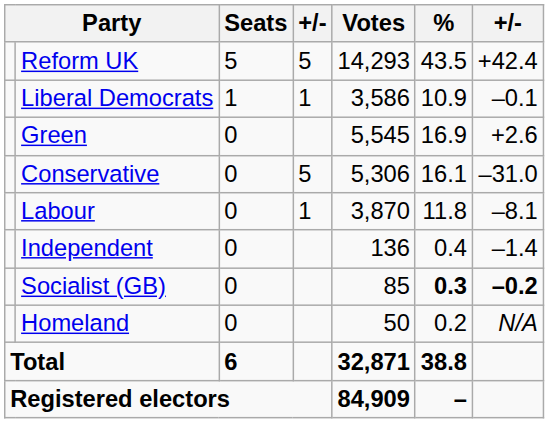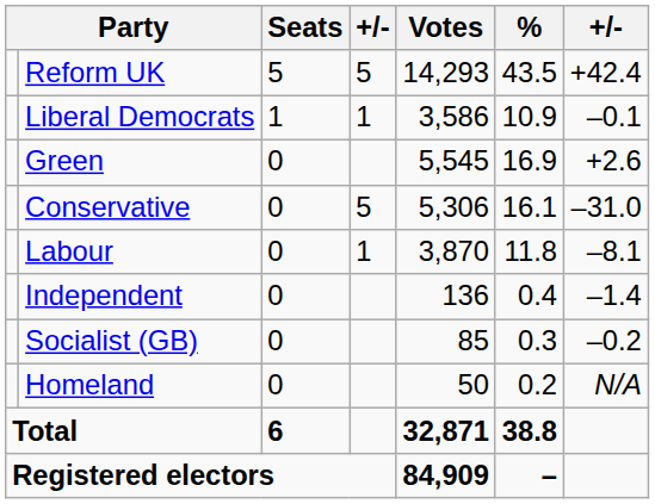 <table class="wikitable sortable">
 <tr>
 <th colspan="2">Party</th>
 <th>Seats</th>
 <th>+/-</th>
 <th>Votes</th>
 <th>%</th>
 <th>+/-</th>
 </tr>
 <tr>
 <td style="background-color: "></td>
 <td><a href='#'>Reform UK</a></td>
 <td>5</td>
 <td> 5</td>
 <td style="text-align:right;">14,293</td>
 <td style="text-align:right;">43.5</td>
 <td style="text-align:right;">+42.4</td>
 </tr>
 <tr>
 <td style="background-color: "></td>
 <td><a href='#'>Liberal Democrats</a></td>
 <td>1</td>
 <td> 1</td>
 <td style="text-align:right;">3,586</td>
 <td style="text-align:right;">10.9</td>
 <td style="text-align:right;">–0.1</td>
 </tr>
 <tr>
 <td style="background-color: "></td>
 <td><a href='#'>Green</a></td>
 <td>0</td>
 <td></td>
 <td style="text-align:right;">5,545</td>
 <td style="text-align:right;">16.9</td>
 <td style="text-align:right;">+2.6</td>
 </tr>
 <tr>
 <td style="background-color: "></td>
 <td><a href='#'>Conservative</a></td>
 <td>0</td>
 <td> 5</td>
 <td style="text-align:right;">5,306</td>
 <td style="text-align:right;">16.1</td>
 <td style="text-align:right;">–31.0</td>
 </tr>
 <tr>
 <td style="background-color: "></td>
 <td><a href='#'>Labour</a></td>
 <td>0</td>
 <td> 1</td>
 <td style="text-align:right;">3,870</td>
 <td style="text-align:right;">11.8</td>
 <td style="text-align:right;">–8.1</td>
 </tr>
 <tr>
 <td style="background-color: "></td>
 <td><a href='#'>Independent</a></td>
 <td>0</td>
 <td></td>
 <td style="text-align:right;">136</td>
 <td style="text-align:right;">0.4</td>
 <td style="text-align:right;">–1.4</td>
 </tr>
 <tr>
 <td style="background-color: "></td>
 <td><a href='#'>Socialist (GB)</a></td>
 <td>0</td>
 <td></td>
 <td style="text-align:right;">85</td>
-<td style="text-align:right;"><strong>0.3</strong></td>
-<td style="text-align:right;"><strong>–0.2</strong></td>
+<td style="text-align:right;">0.3</td>
+<td style="text-align:right;">–0.2</td>
 </tr>
 <tr>
 <td style="background-color: "></td>
 <td><a href='#'>Homeland</a></td>
 <td>0</td>
 <td></td>
 <td style="text-align:right;">50</td>
 <td style="text-align:right;">0.2</td>
 <td style="text-align:right;"><em>N/A</em></td>
 </tr>
 <tr>
 <td colspan="2"><strong>Total</strong></td>
 <td><strong>6</strong></td>
 <td></td>
 <td style="text-align:right;"><strong>32,871</strong></td>
 <td style="text-align:right;"><strong>38.8</strong></td>
 <td style="text-align:right;"></td>
 </tr>
 <tr>
 <td colspan="4"><strong>Registered electors</strong></td>
 <td style="text-align:right;"><strong>84,909</strong></td>
 <td style="text-align:right;"><strong>–</strong></td>
 <td style="text-align:right;"></td>
 </tr>
 </table>
